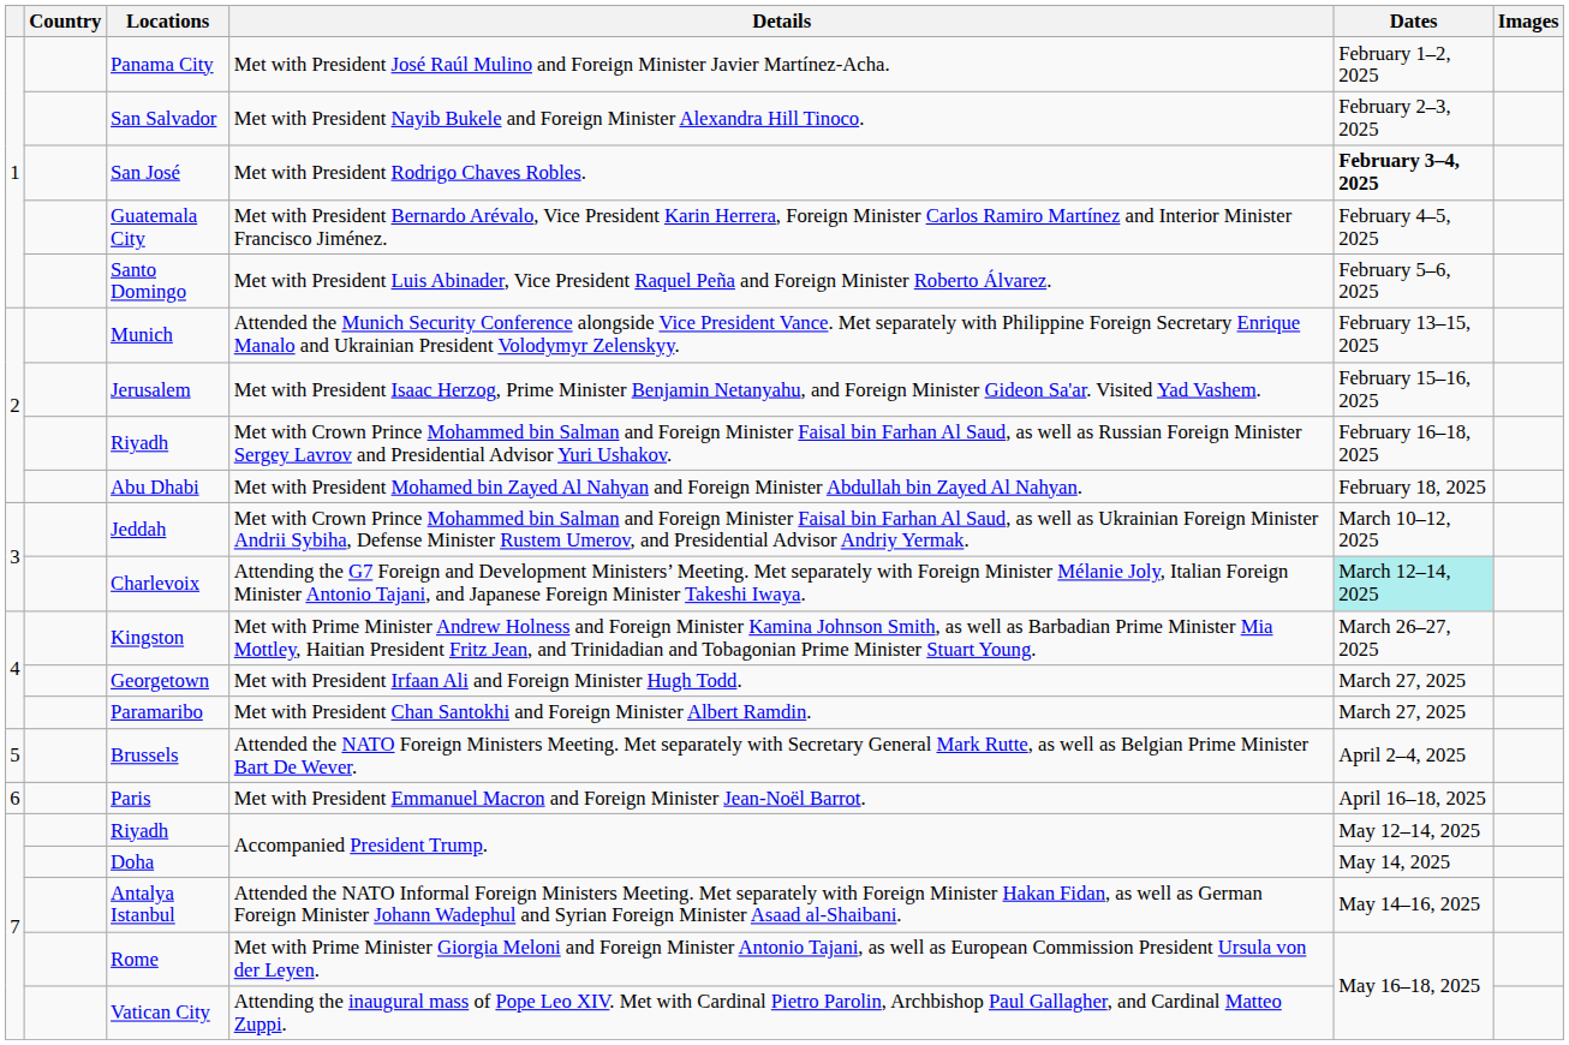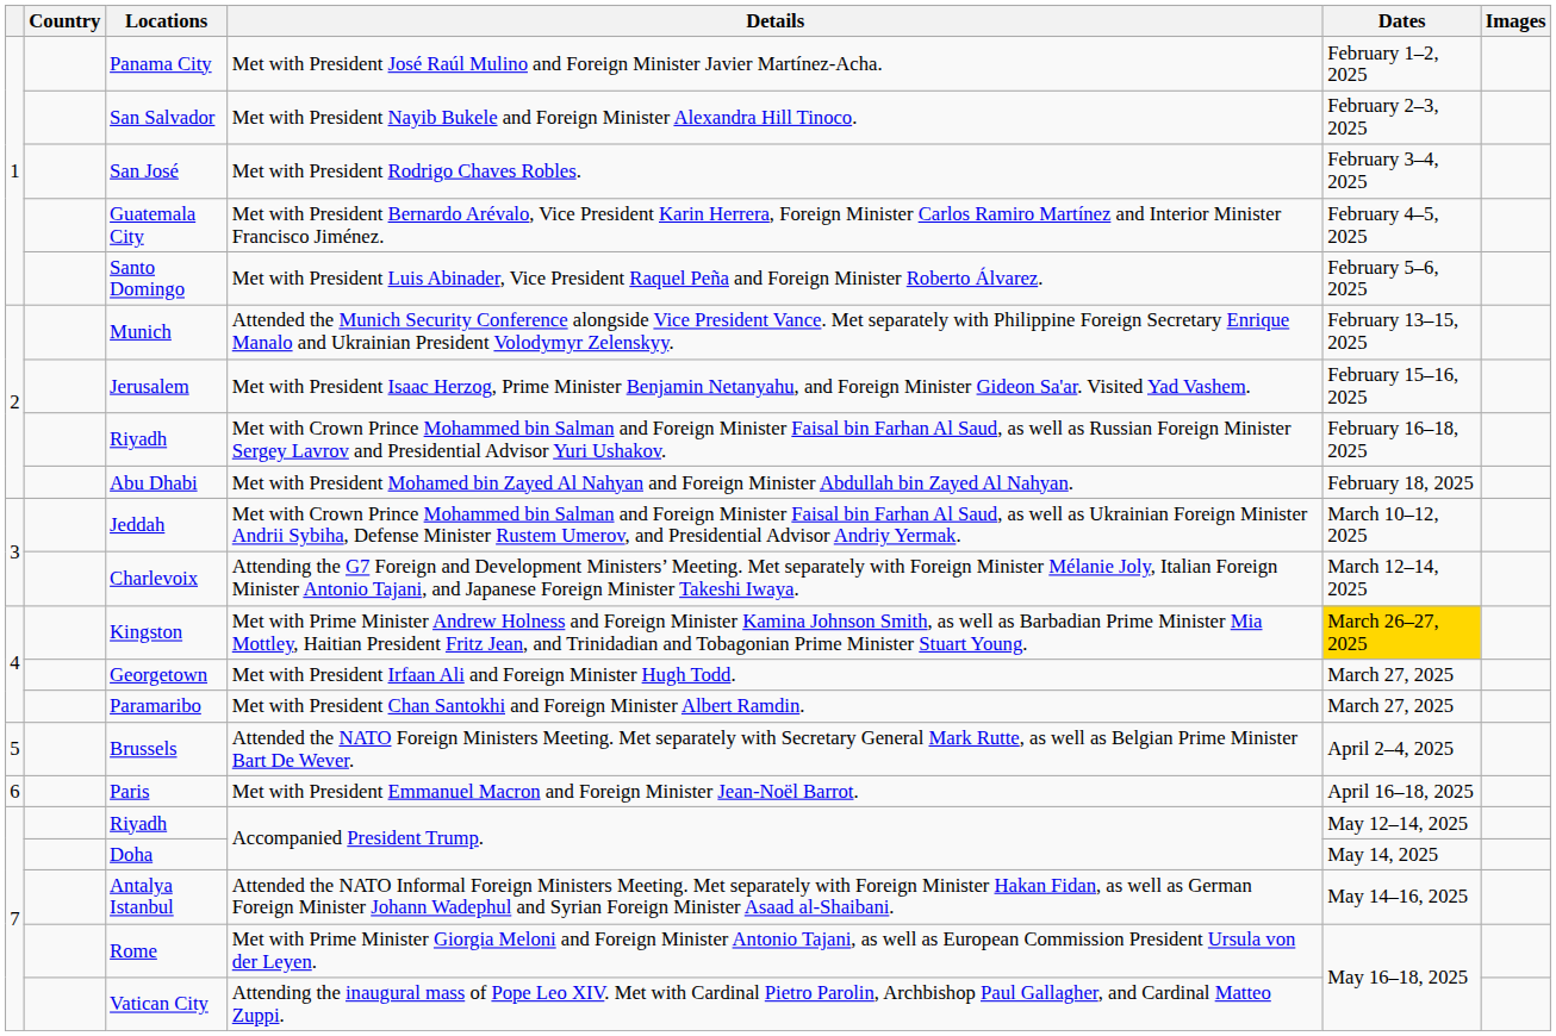 <table class="wikitable sortable">
 <tr>
 <th></th>
 <th>Country</th>
 <th>Locations</th>
 <th>Details</th>
 <th width=120 class=unsortable>Dates</th>
 <th class=unsortable>Images</th>
 </tr>
 <tr>
 <td rowspan="5">1</td>
 <td></td>
 <td><a href='#'>Panama City</a></td>
 <td>Met with President <a href='#'>José Raúl Mulino</a> and Foreign Minister Javier Martínez-Acha.</td>
 <td>February 1–2, 2025</td>
 <td></td>
 </tr>
 <tr>
 <td></td>
 <td><a href='#'>San Salvador</a></td>
 <td>Met with President <a href='#'>Nayib Bukele</a> and Foreign Minister <a href='#'>Alexandra Hill Tinoco</a>.</td>
 <td>February 2–3, 2025</td>
 <td></td>
 </tr>
 <tr>
 <td></td>
 <td><a href='#'>San José</a></td>
 <td>Met with President <a href='#'>Rodrigo Chaves Robles</a>.</td>
-<td><strong>February 3–4, 2025</strong></td>
+<td>February 3–4, 2025</td>
 <td></td>
 </tr>
 <tr>
 <td></td>
 <td><a href='#'>Guatemala City</a></td>
 <td>Met with President <a href='#'>Bernardo Arévalo</a>, Vice President <a href='#'>Karin Herrera</a>, Foreign Minister <a href='#'>Carlos Ramiro Martínez</a> and Interior Minister Francisco Jiménez.</td>
 <td>February 4–5, 2025</td>
 <td></td>
 </tr>
 <tr>
 <td></td>
 <td><a href='#'>Santo Domingo</a></td>
 <td>Met with President <a href='#'>Luis Abinader</a>, Vice President <a href='#'>Raquel Peña</a> and Foreign Minister <a href='#'>Roberto Álvarez</a>.</td>
 <td>February 5–6, 2025</td>
 <td></td>
 </tr>
 <tr>
 <td rowspan="4">2</td>
 <td></td>
 <td><a href='#'>Munich</a></td>
 <td>Attended the <a href='#'>Munich Security Conference</a> alongside <a href='#'>Vice President Vance</a>. Met separately with Philippine Foreign Secretary <a href='#'>Enrique Manalo</a> and Ukrainian President <a href='#'>Volodymyr Zelenskyy</a>.</td>
 <td>February 13–15, 2025</td>
 <td></td>
 </tr>
 <tr>
 <td></td>
 <td><a href='#'>Jerusalem</a></td>
 <td>Met with President <a href='#'>Isaac Herzog</a>, Prime Minister <a href='#'>Benjamin Netanyahu</a>, and Foreign Minister <a href='#'>Gideon Sa'ar</a>. Visited <a href='#'>Yad Vashem</a>.</td>
 <td>February 15–16, 2025</td>
 <td></td>
 </tr>
 <tr>
 <td></td>
 <td><a href='#'>Riyadh</a></td>
 <td>Met with Crown Prince <a href='#'>Mohammed bin Salman</a> and Foreign Minister <a href='#'>Faisal bin Farhan Al Saud</a>, as well as Russian Foreign Minister <a href='#'>Sergey Lavrov</a> and Presidential Advisor <a href='#'>Yuri Ushakov</a>.</td>
 <td>February 16–18, 2025</td>
 <td></td>
 </tr>
 <tr>
 <td></td>
 <td><a href='#'>Abu Dhabi</a></td>
 <td>Met with President <a href='#'>Mohamed bin Zayed Al Nahyan</a> and Foreign Minister <a href='#'>Abdullah bin Zayed Al Nahyan</a>.</td>
 <td>February 18, 2025</td>
 <td></td>
 </tr>
 <tr>
 <td rowspan="2">3</td>
 <td></td>
 <td><a href='#'>Jeddah</a></td>
 <td>Met with Crown Prince <a href='#'>Mohammed bin Salman</a> and Foreign Minister <a href='#'>Faisal bin Farhan Al Saud</a>, as well as Ukrainian Foreign Minister <a href='#'>Andrii Sybiha</a>, Defense Minister <a href='#'>Rustem Umerov</a>, and Presidential Advisor <a href='#'>Andriy Yermak</a>.</td>
 <td>March 10–12, 2025</td>
 <td></td>
 </tr>
 <tr>
 <td></td>
 <td><a href='#'>Charlevoix</a></td>
 <td>Attending the <a href='#'>G7</a> Foreign and Development Ministers’ Meeting. Met separately with Foreign Minister <a href='#'>Mélanie Joly</a>, Italian Foreign Minister <a href='#'>Antonio Tajani</a>, and Japanese Foreign Minister <a href='#'>Takeshi Iwaya</a>.</td>
-<td style="background: paleturquoise;">March 12–14, 2025</td>
+<td>March 12–14, 2025</td>
 <td></td>
 </tr>
 <tr>
 <td rowspan="3">4</td>
 <td></td>
 <td><a href='#'>Kingston</a></td>
 <td>Met with Prime Minister <a href='#'>Andrew Holness</a> and Foreign Minister <a href='#'>Kamina Johnson Smith</a>, as well as Barbadian Prime Minister <a href='#'>Mia Mottley</a>, Haitian President <a href='#'>Fritz Jean</a>, and Trinidadian and Tobagonian Prime Minister <a href='#'>Stuart Young</a>.</td>
-<td>March 26–27, 2025</td>
+<td style="background: gold;">March 26–27, 2025</td>
 <td></td>
 </tr>
 <tr>
 <td></td>
 <td><a href='#'>Georgetown</a></td>
 <td>Met with President <a href='#'>Irfaan Ali</a> and Foreign Minister <a href='#'>Hugh Todd</a>.</td>
 <td>March 27, 2025</td>
 <td></td>
 </tr>
 <tr>
 <td></td>
 <td><a href='#'>Paramaribo</a></td>
 <td>Met with President <a href='#'>Chan Santokhi</a> and Foreign Minister <a href='#'>Albert Ramdin</a>.</td>
 <td>March 27, 2025</td>
 <td></td>
 </tr>
 <tr>
 <td>5</td>
 <td></td>
 <td><a href='#'>Brussels</a></td>
 <td>Attended the <a href='#'>NATO</a> Foreign Ministers Meeting. Met separately with Secretary General <a href='#'>Mark Rutte</a>, as well as Belgian Prime Minister <a href='#'>Bart De Wever</a>.</td>
 <td>April 2–4, 2025</td>
 <td></td>
 </tr>
 <tr>
 <td>6</td>
 <td></td>
 <td><a href='#'>Paris</a></td>
 <td>Met with President <a href='#'>Emmanuel Macron</a> and Foreign Minister <a href='#'>Jean-Noël Barrot</a>.</td>
 <td>April 16–18, 2025</td>
 <td></td>
 </tr>
 <tr>
 <td rowspan="5">7</td>
 <td></td>
 <td><a href='#'>Riyadh</a></td>
 <td rowspan=2>Accompanied <a href='#'>President Trump</a>.</td>
 <td>May 12–14, 2025</td>
 <td></td>
 </tr>
 <tr>
 <td></td>
 <td><a href='#'>Doha</a></td>
 <td>May 14, 2025</td>
 <td></td>
 </tr>
 <tr>
 <td></td>
 <td><a href='#'>Antalya</a><br><a href='#'>Istanbul</a></td>
 <td>Attended the NATO Informal Foreign Ministers Meeting. Met separately with Foreign Minister <a href='#'>Hakan Fidan</a>, as well as German Foreign Minister <a href='#'>Johann Wadephul</a> and Syrian Foreign Minister <a href='#'>Asaad al-Shaibani</a>.</td>
 <td>May 14–16, 2025</td>
 <td></td>
 </tr>
 <tr>
 <td></td>
 <td><a href='#'>Rome</a></td>
 <td>Met with Prime Minister <a href='#'>Giorgia Meloni</a> and Foreign Minister <a href='#'>Antonio Tajani</a>, as well as European Commission President <a href='#'>Ursula von der Leyen</a>.</td>
 <td rowspan="2">May 16–18, 2025</td>
 <td></td>
 </tr>
 <tr>
 <td></td>
 <td><a href='#'>Vatican City</a></td>
 <td>Attending the <a href='#'>inaugural mass</a> of <a href='#'>Pope Leo XIV</a>. Met with Cardinal <a href='#'>Pietro Parolin</a>, Archbishop <a href='#'>Paul Gallagher</a>, and Cardinal <a href='#'>Matteo Zuppi</a>.</td>
 <td></td>
 </tr>
 </table>
